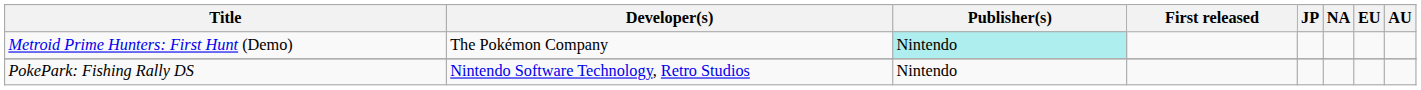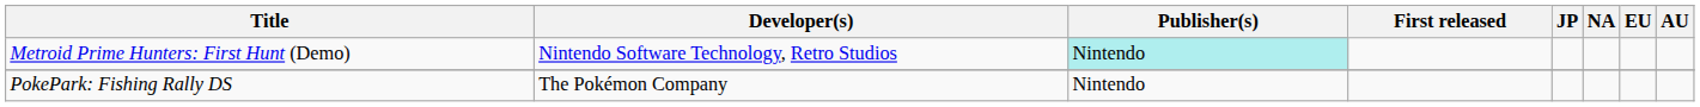 <table class="wikitable plainrowheaders sortable" style="font-size:90%;" id="otherlist">
 <tr>
 <th width=40%>Title</th>
 <th width=40%>Developer(s)</th>
 <th width=85%>Publisher(s)</th>
 <th style="display:inline-block; border:0; width:144px;">First released</th>
 <th width=5%>JP</th>
 <th width=5%>NA</th>
 <th width=5%>EU</th>
 <th width=5%>AU</th>
 </tr>
 <tr>
 <td><em><a href='#'>Metroid Prime Hunters: First Hunt</a></em> (Demo)</td>
-<td>The Pokémon Company</td>
+<td><a href='#'>Nintendo Software Technology</a>, <a href='#'>Retro Studios</a></td>
 <td style="background: paleturquoise;">Nintendo</td>
 <td></td>
 <td></td>
 <td></td>
 <td></td>
 <td></td>
 </tr>
 <tr>
 </tr>
 <tr>
 <td><em>PokePark: Fishing Rally DS</em></td>
-<td><a href='#'>Nintendo Software Technology</a>, <a href='#'>Retro Studios</a></td>
+<td>The Pokémon Company</td>
 <td>Nintendo</td>
 <td></td>
 <td></td>
 <td></td>
 <td></td>
 <td></td>
 </tr>
 </table>
